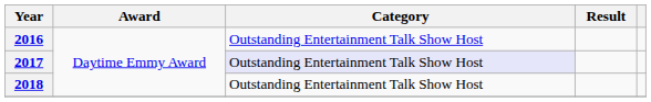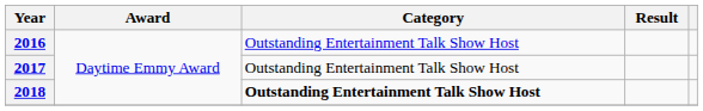 <table class="wikitable plainrowheaders" style="width:80%;">
 <tr>
 <th>Year</th>
 <th style="width:27%;" scope="col">Award</th>
 <th>Category</th>
 <th>Result</th>
 <th></th>
 </tr>
 <tr>
 <th scope="row"><a href='#'>2016</a></th>
 <td style="text-align:center;" rowspan="3"><a href='#'>Daytime Emmy Award</a></td>
 <td><a href='#'>Outstanding Entertainment Talk Show Host</a><br></td>
 <td></td>
 <td style="text-align:center;"></td>
 </tr>
 <tr>
 <th scope="row"><a href='#'>2017</a></th>
-<td style="background: lavender;">Outstanding Entertainment Talk Show Host<br></td>
+<td>Outstanding Entertainment Talk Show Host<br></td>
 <td></td>
 <td style="text-align:center;"></td>
 </tr>
 <tr>
 <th scope="row"><a href='#'>2018</a></th>
-<td>Outstanding Entertainment Talk Show Host<br></td>
+<td><strong>Outstanding Entertainment Talk Show Host<br></strong></td>
 <td></td>
 <td style="text-align:center;"></td>
 </tr>
 <tr>
 </tr>
 </table>
